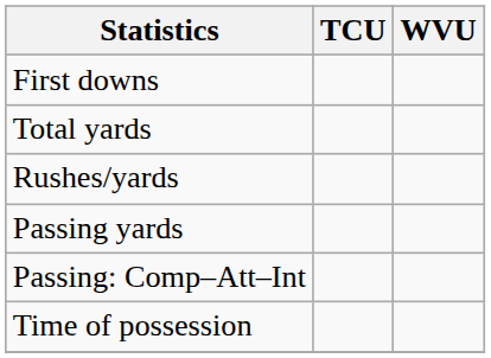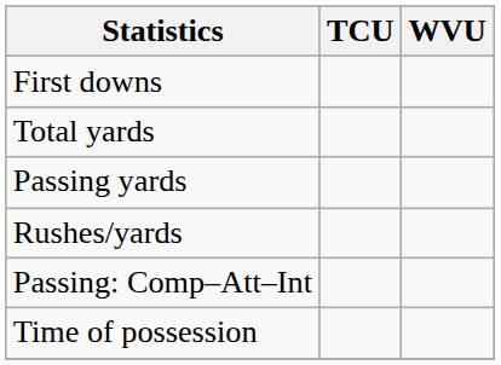 <table class="wikitable" style="float: left;">
 <tr>
 <th>Statistics</th>
 <th>TCU</th>
 <th>WVU</th>
 </tr>
 <tr>
 <td>First downs</td>
 <td></td>
 <td></td>
 </tr>
 <tr>
 <td>Total yards</td>
 <td></td>
 <td></td>
 </tr>
 <tr>
-<td>Rushes/yards</td>
+<td>Passing yards</td>
 <td></td>
 <td></td>
 </tr>
 <tr>
-<td>Passing yards</td>
+<td>Rushes/yards</td>
 <td></td>
 <td></td>
 </tr>
 <tr>
 <td>Passing: Comp–Att–Int</td>
 <td></td>
 <td></td>
 </tr>
 <tr>
 <td>Time of possession</td>
 <td></td>
 <td></td>
 </tr>
 <tr>
 </tr>
 </table>
